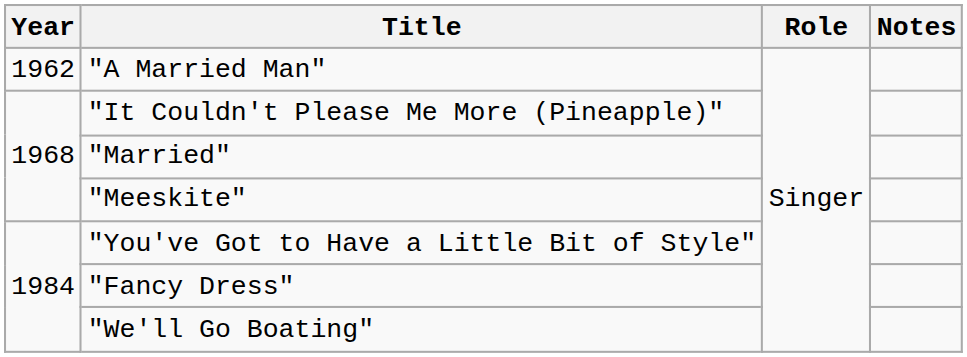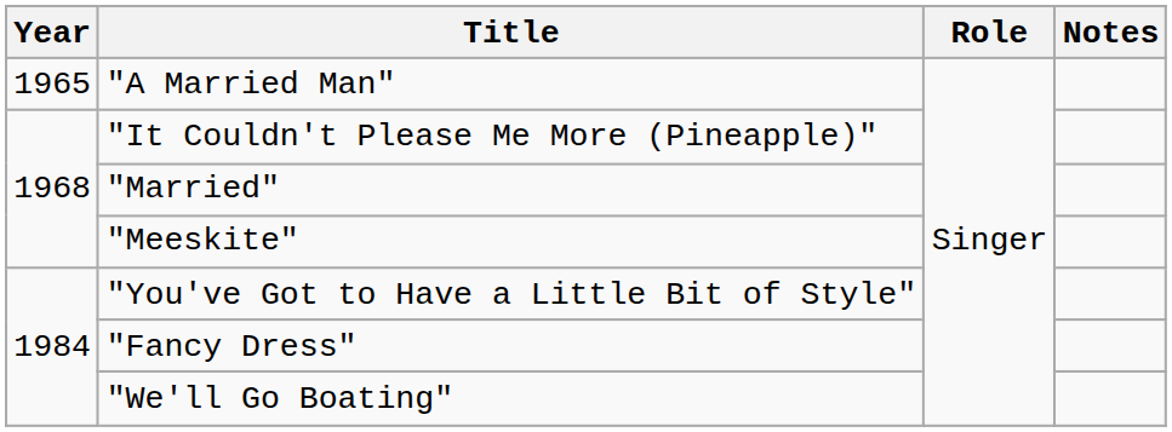 <table class="wikitable">
 <tr>
 <th>Year</th>
 <th>Title</th>
 <th>Role</th>
 <th>Notes</th>
 </tr>
 <tr>
-<td>1962</td>
+<td>1965</td>
 <td>"A Married Man"<em></em></td>
 <td rowspan="7">Singer</td>
 <td></td>
 </tr>
 <tr>
 <td rowspan="3">1968</td>
 <td>"It Couldn't Please Me More (Pineapple)"</td>
 <td></td>
 </tr>
 <tr>
 <td>"Married"</td>
 <td></td>
 </tr>
 <tr>
 <td>"Meeskite"</td>
 <td></td>
 </tr>
 <tr>
 <td rowspan="3">1984</td>
 <td>"You've Got to Have a Little Bit of Style"</td>
 <td></td>
 </tr>
 <tr>
 <td>"Fancy Dress"</td>
 <td></td>
 </tr>
 <tr>
 <td>"We'll Go Boating"</td>
 <td></td>
 </tr>
 </table>
